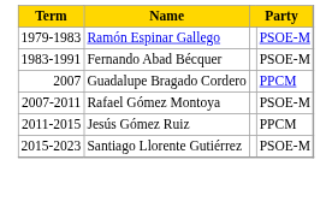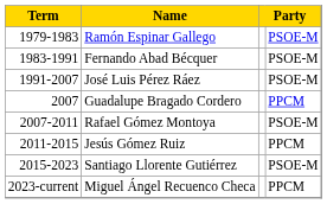 <table align="center" rules="all" cellspacing="0" cellpadding="3" style="border: 1px solid #999; border-right: 2px solid #999; border-bottom:2px solid #999">
 <tr>
 <th bgcolor="gold">Term</th>
 <th align="center" bgcolor="gold">Name</th>
 <th colspan="2" bgcolor="gold">Party</th>
 </tr>
 <tr>
 <td align="right">1979-1983</td>
 <td><a href='#'>Ramón Espinar Gallego</a></td>
 <td width="1"></td>
 <td><a href='#'>PSOE-M</a></td>
 </tr>
 <tr>
 <td align="right">1983-1991</td>
 <td>Fernando Abad Bécquer</td>
+<td width="1"></td>
+<td>PSOE-M</td>
+</tr>
+<tr>
+<td align="right">1991-2007</td>
+<td>José Luis Pérez Ráez</td>
 <td width="1"></td>
 <td>PSOE-M</td>
 </tr>
 <tr>
 <td align="right">2007</td>
 <td>Guadalupe Bragado Cordero</td>
 <td></td>
 <td><a href='#'>PPCM</a></td>
 </tr>
 <tr>
 <td align="right">2007-2011</td>
 <td>Rafael Gómez Montoya</td>
 <td></td>
 <td>PSOE-M</td>
 </tr>
 <tr>
 <td align="right">2011-2015</td>
 <td>Jesús Gómez Ruiz</td>
 <td></td>
 <td>PPCM</td>
 </tr>
 <tr>
 <td align="right">2015-2023</td>
 <td>Santiago Llorente Gutiérrez</td>
 <td></td>
 <td>PSOE-M</td>
 </tr>
 <tr>
+<td align="right">2023-current</td>
+<td>Miguel Ángel Recuenco Checa</td>
+<td></td>
+<td>PPCM</td>
+</tr>
+<tr>
 </tr>
 </table>
